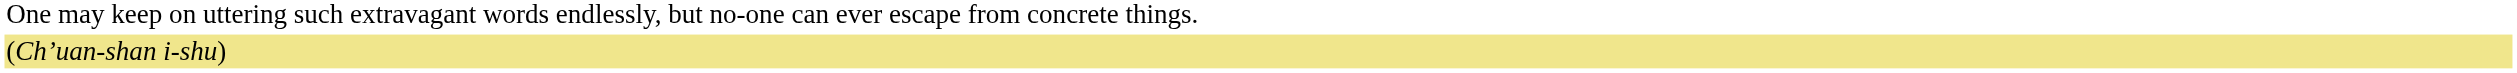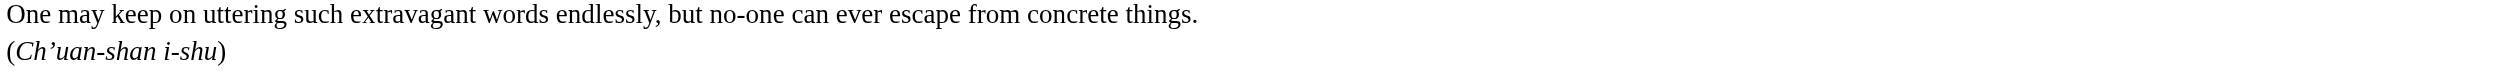 <table valign="top" align="center" width="75%">
 <tr>
 <td> One may keep on uttering such extravagant words endlessly, but no-one can ever escape from concrete things.</td>
 </tr>
 <tr>
-<td style="background: khaki;">(<em>Ch’uan-shan i-shu</em>)</td>
+<td>(<em>Ch’uan-shan i-shu</em>)</td>
 </tr>
 </table>
